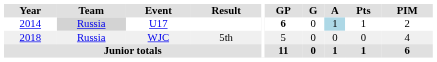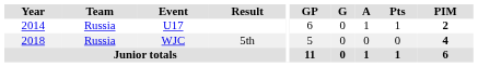 <table border="0" cellpadding="1" cellspacing="0" ID="Table3" style="text-align:center; width:40em">
 <tr ALIGN="center" bgcolor="#e0e0e0">
 <th>Year</th>
 <th>Team</th>
 <th>Event</th>
 <th>Result</th>
 <th rowspan="99" bgcolor="#ffffff"></th>
 <th>GP</th>
 <th>G</th>
 <th>A</th>
 <th>Pts</th>
 <th>PIM</th>
 </tr>
 <tr>
 <td><a href='#'>2014</a></td>
-<td style="background: lightgrey;"><a href='#'>Russia</a></td>
+<td><a href='#'>Russia</a></td>
 <td><a href='#'>U17</a></td>
 <td></td>
-<td><strong>6</strong></td>
+<td>6</td>
 <td>0</td>
-<td style="background: lightblue;">1</td>
 <td>1</td>
-<td>2</td>
+<td>1</td>
+<td><strong>2</strong></td>
 </tr>
 <tr bgcolor="#f0f0f0">
 <td><a href='#'>2018</a></td>
 <td><a href='#'>Russia</a></td>
 <td><a href='#'>WJC</a></td>
 <td>5th</td>
 <td>5</td>
 <td>0</td>
 <td>0</td>
 <td>0</td>
-<td>4</td>
+<td><strong>4</strong></td>
 </tr>
 <tr bgcolor="#e0e0e0">
 <th colspan="4">Junior totals</th>
 <th>11</th>
 <th>0</th>
 <th>1</th>
 <th>1</th>
 <th>6</th>
 </tr>
 </table>
